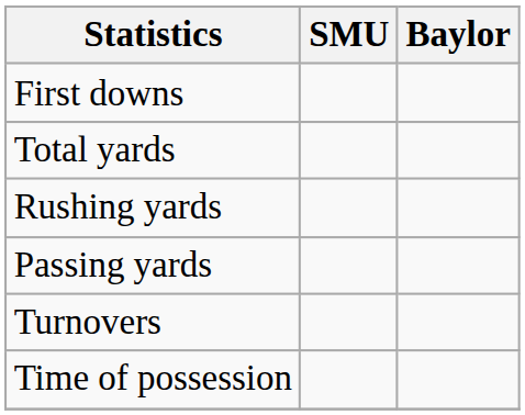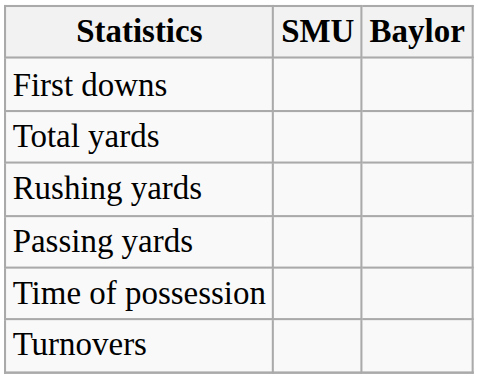 <table class="wikitable" style="float: left;">
 <tr>
 <th>Statistics</th>
 <th>SMU</th>
 <th>Baylor</th>
 </tr>
 <tr>
 <td>First downs</td>
 <td></td>
 <td></td>
 </tr>
 <tr>
 <td>Total yards</td>
 <td></td>
 <td></td>
 </tr>
 <tr>
 <td>Rushing yards</td>
 <td></td>
 <td></td>
 </tr>
 <tr>
 <td>Passing yards</td>
 <td></td>
 <td></td>
 </tr>
 <tr>
-<td>Turnovers</td>
+<td>Time of possession</td>
 <td></td>
 <td></td>
 </tr>
 <tr>
-<td>Time of possession</td>
+<td>Turnovers</td>
 <td></td>
 <td></td>
 </tr>
 <tr>
 </tr>
 </table>
